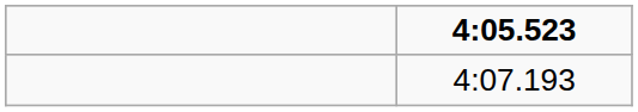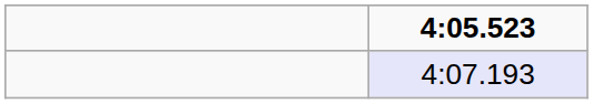 <table class="wikitable" style="text-align:center;">
 <tr>
 <td style="width:12em" align=left></td>
 <td style="width:7em;"><strong>4:05.523</strong></td>
 </tr>
 <tr>
 <td align=left></td>
-<td>4:07.193</td>
+<td style="background: lavender;">4:07.193</td>
 </tr>
 </table>
